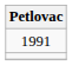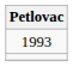 <table class="wikitable" style="margin: 0.5em auto; text-align: center;">
 <tr>
 <th colspan="1">Petlovac</th>
 </tr>
 <tr>
-<td>1991</td>
+<td>1993</td>
 </tr>
 <tr>
 <td></td>
 </tr>
 <tr>
 </tr>
 </table>
